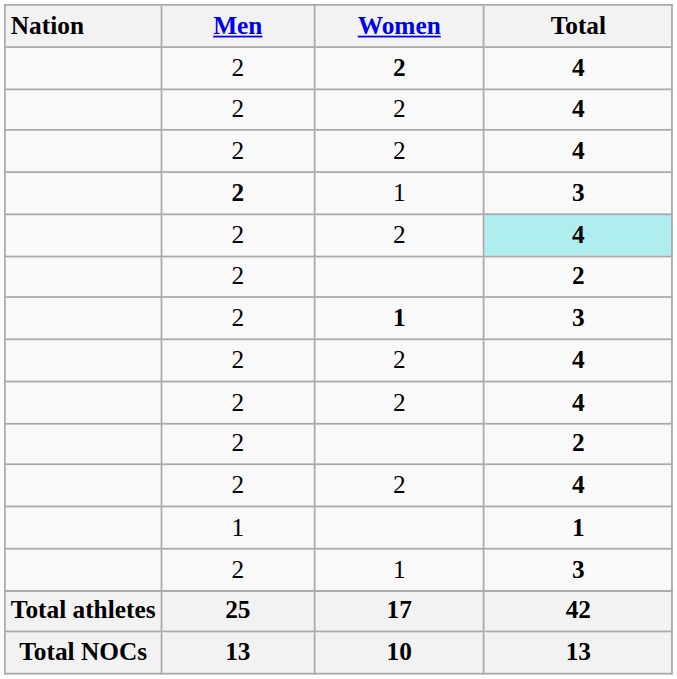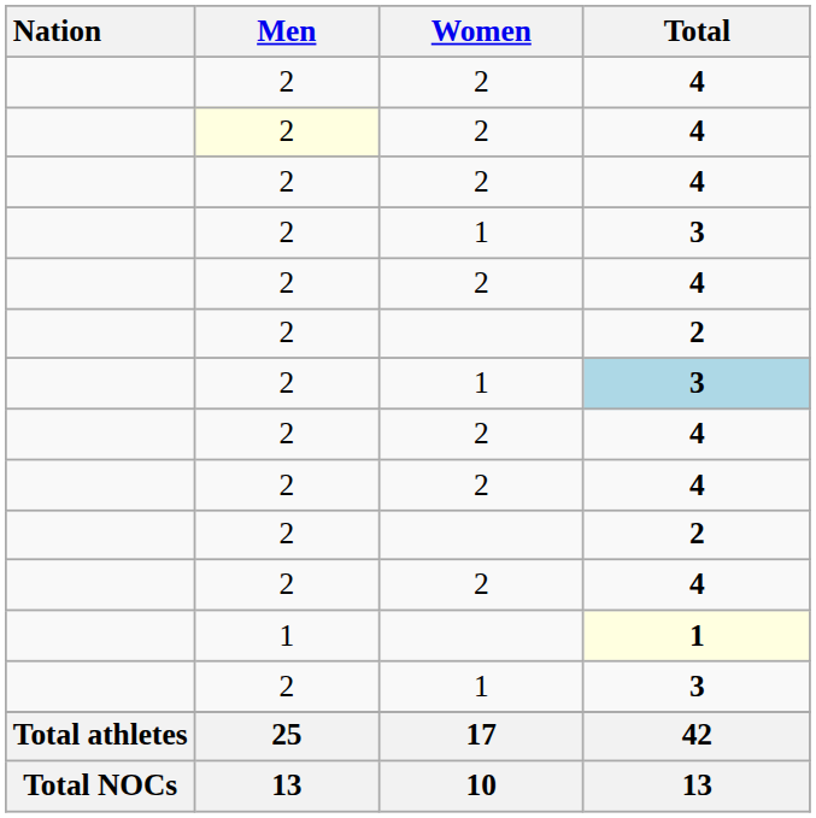 <table class="wikitable mw-collapsible sortable" style="text-align:center; font-size:90%;">
 <tr>
 <th style="text-align:left;">Nation</th>
 <th width=80><a href='#'>Men</a></th>
 <th width=90><a href='#'>Women</a></th>
 <th width=100>Total</th>
 </tr>
 <tr>
 <td style="text-align:left;"></td>
 <td>2</td>
-<td><strong>2</strong></td>
+<td>2</td>
+<td><strong>4</strong></td>
+</tr>
+<tr>
+<td style="text-align:left;"></td>
+<td style="background: lightyellow;">2</td>
+<td>2</td>
 <td><strong>4</strong></td>
 </tr>
 <tr>
 <td style="text-align:left;"></td>
 <td>2</td>
 <td>2</td>
 <td><strong>4</strong></td>
 </tr>
 <tr>
 <td style="text-align:left;"></td>
 <td>2</td>
-<td>2</td>
-<td><strong>4</strong></td>
-</tr>
-<tr>
-<td style="text-align:left;"></td>
-<td><strong>2</strong></td>
 <td>1</td>
 <td><strong>3</strong></td>
 </tr>
 <tr>
 <td style="text-align:left;"></td>
 <td>2</td>
 <td>2</td>
-<td style="background: paleturquoise;"><strong>4</strong></td>
+<td><strong>4</strong></td>
 </tr>
 <tr>
 <td style="text-align:left;"></td>
 <td>2</td>
 <td></td>
 <td><strong>2</strong></td>
 </tr>
 <tr>
 <td style="text-align:left;"></td>
 <td>2</td>
-<td><strong>1</strong></td>
-<td><strong>3</strong></td>
+<td>1</td>
+<td style="background: lightblue;"><strong>3</strong></td>
 </tr>
 <tr>
 <td style="text-align:left;"></td>
 <td>2</td>
 <td>2</td>
 <td><strong>4</strong></td>
 </tr>
 <tr>
 <td style="text-align:left;"></td>
 <td>2</td>
 <td>2</td>
 <td><strong>4</strong></td>
 </tr>
 <tr>
 <td style="text-align:left;"></td>
 <td>2</td>
 <td></td>
 <td><strong>2</strong></td>
 </tr>
 <tr>
 <td style="text-align:left;"></td>
 <td>2</td>
 <td>2</td>
 <td><strong>4</strong></td>
 </tr>
 <tr>
 <td style="text-align:left;"></td>
 <td>1</td>
 <td></td>
-<td><strong>1</strong></td>
+<td style="background: lightyellow;"><strong>1</strong></td>
 </tr>
 <tr>
 <td style="text-align:left;"></td>
 <td>2</td>
 <td>1</td>
 <td><strong>3</strong></td>
 </tr>
 <tr>
 </tr>
 <tr class="sortbottom">
 <th>Total athletes</th>
 <th>25</th>
 <th>17</th>
 <th>42</th>
 </tr>
 <tr class="sortbottom">
 <th>Total NOCs</th>
 <th>13</th>
 <th>10</th>
 <th>13</th>
 </tr>
 </table>
